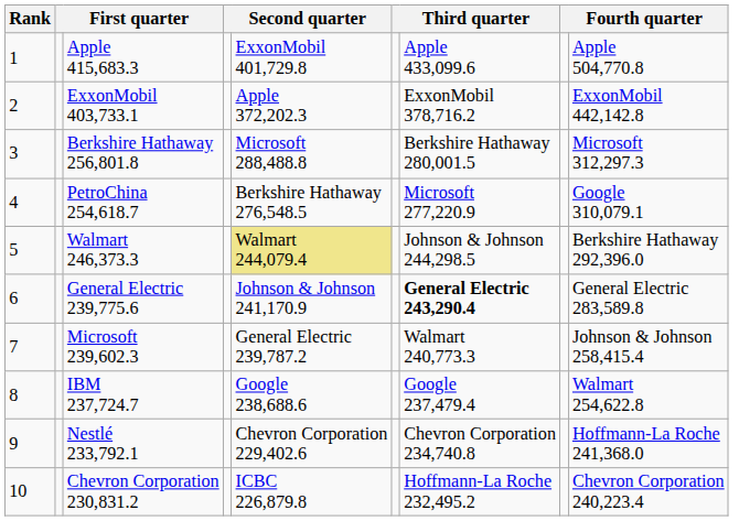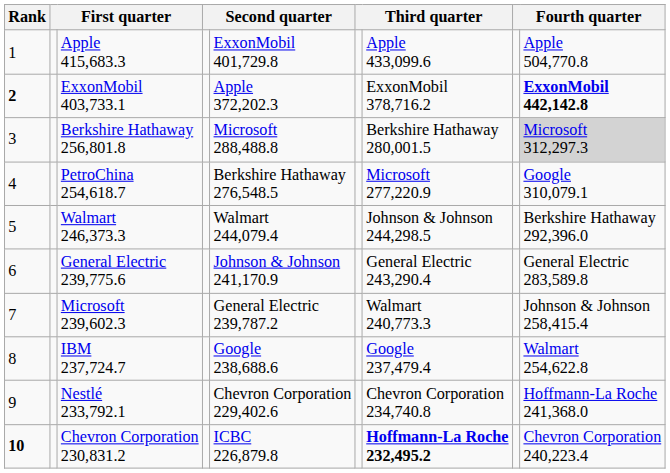 <table class="wikitable"  >
 <tr>
 <th>Rank</th>
 <th colspan=2>First quarter</th>
 <th colspan=2>Second quarter</th>
 <th colspan=2>Third quarter</th>
 <th colspan=2>Fourth quarter</th>
 </tr>
 <tr>
 <td>1</td>
 <td></td>
 <td><a href='#'>Apple</a> <br> 415,683.3</td>
 <td></td>
 <td><a href='#'>ExxonMobil</a><br> 401,729.8</td>
 <td></td>
 <td><a href='#'>Apple</a><br> 433,099.6</td>
 <td></td>
 <td><a href='#'>Apple</a><br> 504,770.8</td>
 </tr>
 <tr>
-<td>2</td>
+<td><strong>2</strong></td>
 <td></td>
 <td><a href='#'>ExxonMobil</a> <br> 403,733.1</td>
 <td></td>
 <td><a href='#'>Apple</a><br> 372,202.3</td>
 <td></td>
 <td>ExxonMobil <br> 378,716.2</td>
 <td></td>
-<td><a href='#'>ExxonMobil</a><br> 442,142.8</td>
+<td><strong><a href='#'>ExxonMobil</a><br> 442,142.8</strong></td>
 </tr>
 <tr>
 <td>3</td>
 <td></td>
 <td><a href='#'>Berkshire Hathaway</a> <br> 256,801.8</td>
 <td></td>
 <td><a href='#'>Microsoft</a><br> 288,488.8</td>
 <td></td>
 <td>Berkshire Hathaway <br> 280,001.5</td>
 <td></td>
-<td><a href='#'>Microsoft</a> <br> 312,297.3</td>
+<td style="background: lightgrey;"><a href='#'>Microsoft</a> <br> 312,297.3</td>
 </tr>
 <tr>
 <td>4</td>
 <td></td>
 <td><a href='#'>PetroChina</a> <br> 254,618.7</td>
 <td></td>
 <td>Berkshire Hathaway <br> 276,548.5</td>
 <td></td>
 <td><a href='#'>Microsoft</a><br> 277,220.9</td>
 <td></td>
 <td><a href='#'>Google</a><br> 310,079.1</td>
 </tr>
 <tr>
 <td>5</td>
 <td></td>
 <td><a href='#'>Walmart</a> <br> 246,373.3</td>
 <td></td>
-<td style="background: khaki;">Walmart <br> 244,079.4</td>
+<td>Walmart <br> 244,079.4</td>
 <td></td>
 <td>Johnson & Johnson <br> 244,298.5</td>
 <td></td>
 <td>Berkshire Hathaway <br> 292,396.0</td>
 </tr>
 <tr>
 <td>6</td>
 <td></td>
 <td><a href='#'>General Electric</a> <br> 239,775.6</td>
 <td></td>
 <td><a href='#'>Johnson & Johnson</a> <br> 241,170.9</td>
 <td></td>
-<td><strong>General Electric <br> 243,290.4</strong></td>
+<td>General Electric <br> 243,290.4</td>
 <td></td>
 <td>General Electric <br> 283,589.8</td>
 </tr>
 <tr>
 <td>7</td>
 <td></td>
 <td><a href='#'>Microsoft</a><br> 239,602.3</td>
 <td></td>
 <td>General Electric <br> 239,787.2</td>
 <td></td>
 <td>Walmart <br> 240,773.3</td>
 <td></td>
 <td>Johnson & Johnson <br> 258,415.4</td>
 </tr>
 <tr>
 <td>8</td>
 <td></td>
 <td><a href='#'>IBM</a> <br> 237,724.7</td>
 <td></td>
 <td><a href='#'>Google</a> <br> 238,688.6</td>
 <td></td>
 <td><a href='#'>Google</a><br> 237,479.4</td>
 <td></td>
 <td><a href='#'>Walmart</a><br> 254,622.8</td>
 </tr>
 <tr>
 <td>9</td>
 <td></td>
 <td><a href='#'>Nestlé</a> <br> 233,792.1</td>
 <td></td>
 <td>Chevron Corporation <br> 229,402.6</td>
 <td></td>
 <td>Chevron Corporation <br> 234,740.8</td>
 <td></td>
 <td><a href='#'>Hoffmann-La Roche</a><br> 241,368.0</td>
 </tr>
 <tr>
-<td>10</td>
+<td><strong>10</strong></td>
 <td></td>
 <td><a href='#'>Chevron Corporation</a> <br> 230,831.2</td>
 <td></td>
 <td><a href='#'>ICBC</a> <br> 226,879.8</td>
 <td></td>
-<td><a href='#'>Hoffmann-La Roche</a> <br> 232,495.2</td>
+<td><strong><a href='#'>Hoffmann-La Roche</a> <br> 232,495.2</strong></td>
 <td></td>
 <td><a href='#'>Chevron Corporation</a><br> 240,223.4</td>
 </tr>
 </table>
